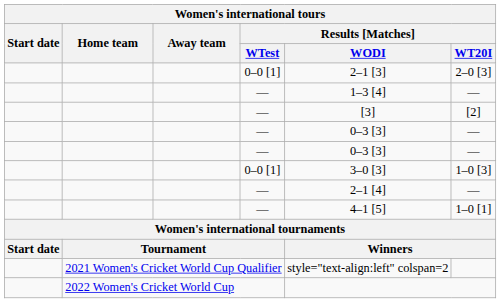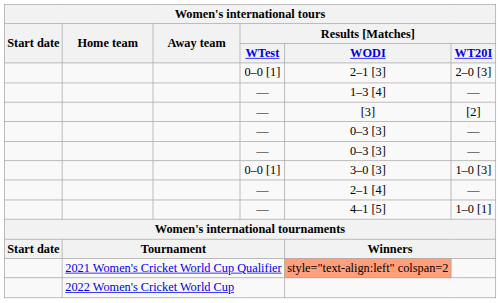 <table class="wikitable unsortable" style="text-align:center; white-space:nowrap">
 <tr>
 <th colspan=6>Women's international tours</th>
 </tr>
 <tr>
 <th rowspan=2>Start date</th>
 <th rowspan=2>Home team</th>
 <th rowspan=2>Away team</th>
 <th colspan=3>Results [Matches]</th>
 </tr>
 <tr>
 <th width=50><a href='#'>WTest</a></th>
 <th width=50><a href='#'>WODI</a></th>
 <th width=50><a href='#'>WT20I</a></th>
 </tr>
 <tr>
 <td style="text-align:left"><a href='#'></a></td>
 <td style="text-align:left"></td>
 <td style="text-align:left"></td>
 <td>0–0 [1]</td>
 <td>2–1 [3]</td>
 <td>2–0 [3]</td>
 </tr>
 <tr>
 <td style="text-align:left"><a href='#'></a></td>
 <td style="text-align:left"></td>
 <td style="text-align:left"></td>
 <td>—</td>
 <td>1–3 [4]</td>
 <td>—</td>
 </tr>
 <tr>
 <td style="text-align:left"><a href='#'></a></td>
 <td style="text-align:left"></td>
 <td style="text-align:left"></td>
 <td>—</td>
 <td>[3]</td>
 <td>[2]</td>
 </tr>
 <tr>
 <td style="text-align:left"><a href='#'></a></td>
 <td style="text-align:left"></td>
 <td style="text-align:left"></td>
 <td>—</td>
 <td>0–3 [3]</td>
 <td>—</td>
 </tr>
 <tr>
 <td style="text-align:left"><a href='#'></a></td>
 <td style="text-align:left"></td>
 <td style="text-align:left"></td>
 <td>—</td>
 <td>0–3 [3]</td>
 <td>—</td>
 </tr>
 <tr>
 <td style="text-align:left"><a href='#'></a></td>
 <td style="text-align:left"></td>
 <td style="text-align:left"></td>
 <td>0–0 [1]</td>
 <td>3–0 [3]</td>
 <td>1–0 [3]</td>
 </tr>
 <tr>
 <td style="text-align:left"><a href='#'></a></td>
 <td style="text-align:left"></td>
 <td style="text-align:left"></td>
 <td>—</td>
 <td>2–1 [4]</td>
 <td>—</td>
 </tr>
 <tr>
 <td style="text-align:left"><a href='#'></a></td>
 <td style="text-align:left"></td>
 <td style="text-align:left"></td>
 <td>—</td>
 <td>4–1 [5]</td>
 <td>1–0 [1]</td>
 </tr>
 <tr>
 <th colspan=6>Women's international tournaments</th>
 </tr>
 <tr>
 <th>Start date</th>
 <th colspan=3>Tournament</th>
 <th colspan=2>Winners</th>
 </tr>
 <tr>
 <td style="text-align:left"><a href='#'></a></td>
 <td style="text-align:left" colspan=3> <a href='#'>2021 Women's Cricket World Cup Qualifier</a></td>
-<td>style="text-align:left" colspan=2 </td>
+<td style="background: lightsalmon;">style="text-align:left" colspan=2 </td>
 </tr>
 <tr>
 <td style="text-align:left"><a href='#'></a></td>
 <td style="text-align:left" colspan=3> <a href='#'>2022 Women's Cricket World Cup</a></td>
 <td style="text-align:left" colspan=2></td>
 </tr>
 </table>
